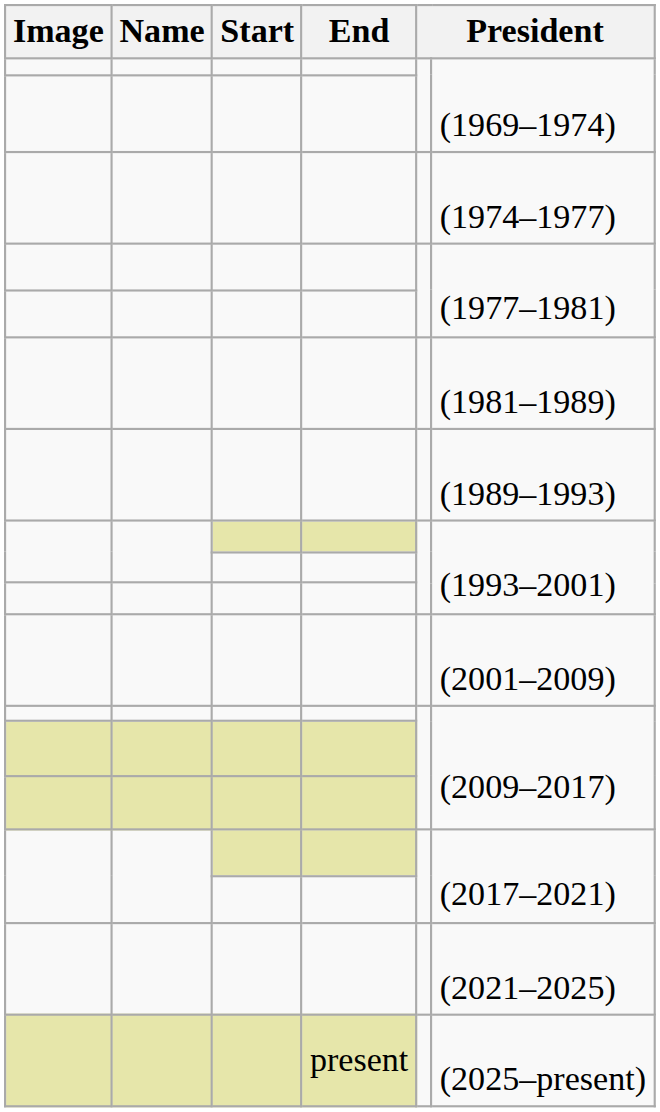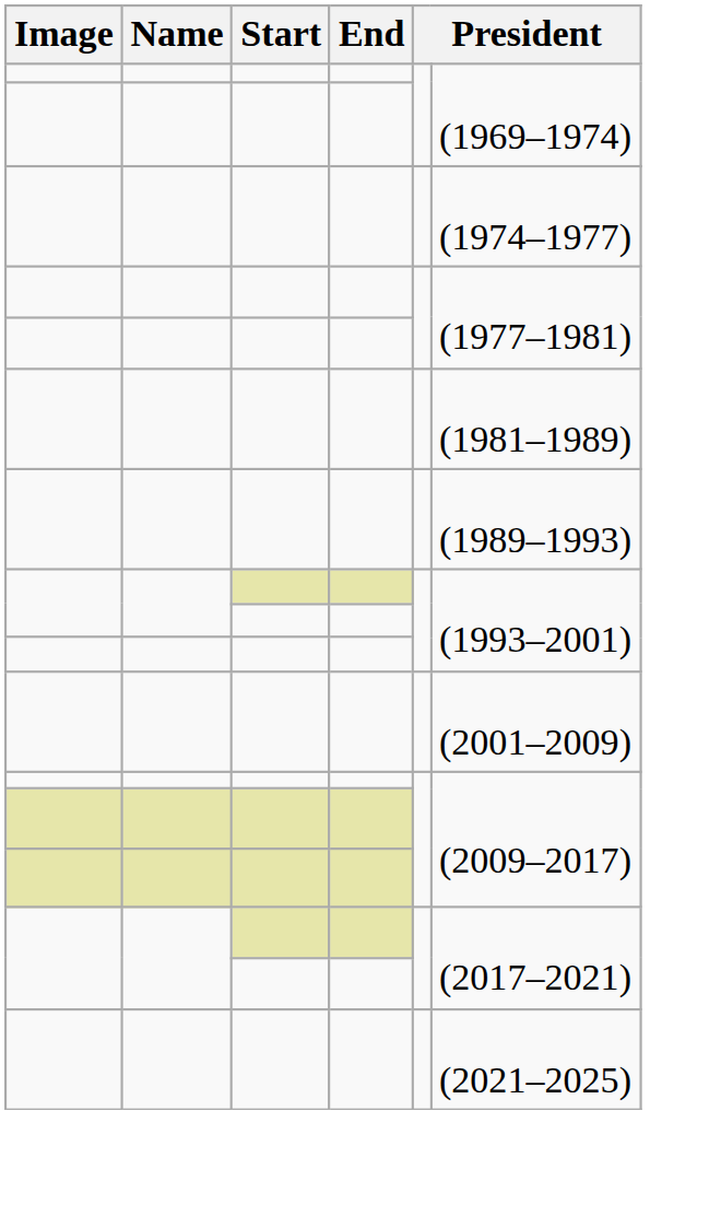 <table class="wikitable sortable">
 <tr>
 <th class=unsortable>Image</th>
 <th>Name</th>
 <th>Start</th>
 <th>End</th>
 <th colspan=2>President</th>
 </tr>
 <tr>
 <td></td>
 <td></td>
 <td></td>
 <td></td>
 <td rowspan=2 style="background: "></td>
 <td rowspan=2><br>(1969–1974)</td>
 </tr>
 <tr>
 <td rowspan=2></td>
 <td rowspan=2></td>
 <td rowspan=2></td>
 <td rowspan=2></td>
 </tr>
 <tr>
 <td rowspan=2 style="background: "></td>
 <td rowspan=2><br>(1974–1977)</td>
 </tr>
 <tr>
 <td></td>
 <td></td>
 <td></td>
 <td></td>
 </tr>
 <tr>
 <td></td>
 <td></td>
 <td></td>
 <td></td>
 <td rowspan=2 style="background: "></td>
 <td rowspan=2><br>(1977–1981)</td>
 </tr>
 <tr>
 <td></td>
 <td></td>
 <td></td>
 <td></td>
 </tr>
 <tr>
 <td></td>
 <td></td>
 <td></td>
 <td></td>
 <td style="background: "></td>
 <td><br>(1981–1989)</td>
 </tr>
 <tr>
 <td></td>
 <td></td>
 <td></td>
 <td></td>
 <td style="background: "></td>
 <td><br>(1989–1993)</td>
 </tr>
 <tr>
 <td rowspan=2></td>
 <td rowspan=2></td>
 <td style="background-color:#E6E6AA;"></td>
 <td style="background-color:#E6E6AA;"></td>
 <td rowspan=3 style="background: "></td>
 <td rowspan=3><br>(1993–2001)</td>
 </tr>
 <tr>
 <td></td>
 <td></td>
 </tr>
 <tr>
 <td></td>
 <td></td>
 <td></td>
 <td></td>
 </tr>
 <tr>
 <td></td>
 <td></td>
 <td></td>
 <td></td>
 <td style="background: "></td>
 <td><br>(2001–2009)</td>
 </tr>
 <tr>
 <td></td>
 <td></td>
 <td></td>
 <td></td>
 <td rowspan=3 style="background: "></td>
 <td rowspan=3><br>(2009–2017)</td>
 </tr>
 <tr bgcolor="#e6e6aa">
 <td></td>
 <td><br></td>
 <td></td>
 <td></td>
 </tr>
 <tr bgcolor="#e6e6aa">
 <td></td>
 <td><br></td>
 <td></td>
 <td></td>
 </tr>
 <tr>
 <td rowspan=2></td>
 <td rowspan=2></td>
 <td style="background-color:#E6E6AA;"></td>
 <td style="background-color:#E6E6AA;"></td>
 <td rowspan=2 style="background: "></td>
 <td rowspan=2><br>(2017–2021)</td>
 </tr>
 <tr>
 <td></td>
 <td></td>
 </tr>
 <tr>
 <td></td>
 <td></td>
 <td></td>
 <td></td>
 <td style="background: "></td>
 <td><br>(2021–2025)</td>
 </tr>
-<tr>
-<td style="background-color:#E6E6AA;"></td>
-<td style="background-color:#E6E6AA;"><br></td>
-<td style="background-color:#E6E6AA;"></td>
-<td style="background-color:#E6E6AA;">present</td>
-<td style="background: "></td>
-<td><br>(2025–present)</td>
-</tr>
 </table>
